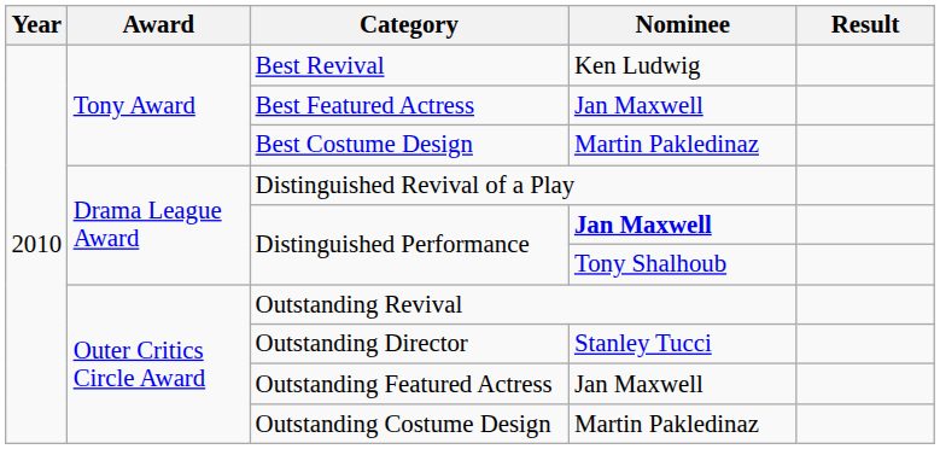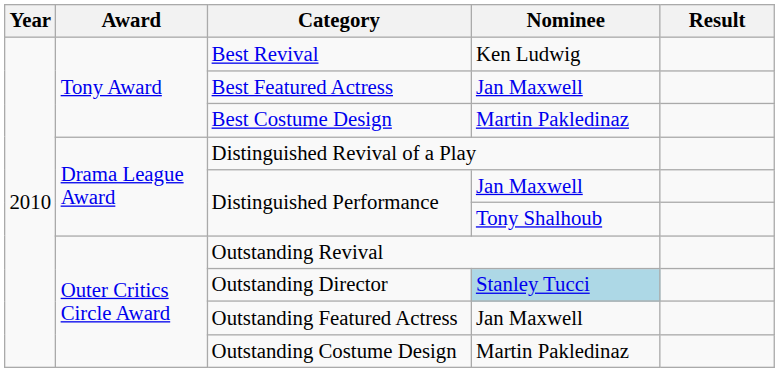 <table class="wikitable" style="width:95%;">
 <tr style="vertical-align:bottom;">
 <th style="width:5%;">Year</th>
 <th style="width:20%;">Award</th>
 <th style="width:35%;">Category</th>
 <th style="width:25%;">Nominee</th>
 <th style="width:15%;">Result</th>
 </tr>
 <tr>
 <td rowspan="10" style="text-align:center;">2010</td>
 <td rowspan="3"><a href='#'>Tony Award</a></td>
 <td><a href='#'>Best Revival</a></td>
 <td>Ken Ludwig</td>
 <td></td>
 </tr>
 <tr>
 <td><a href='#'>Best Featured Actress</a></td>
 <td><a href='#'>Jan Maxwell</a></td>
 <td></td>
 </tr>
 <tr>
 <td><a href='#'>Best Costume Design</a></td>
 <td><a href='#'>Martin Pakledinaz</a></td>
 <td></td>
 </tr>
 <tr>
 <td rowspan="3"><a href='#'>Drama League Award</a></td>
 <td colspan="2">Distinguished Revival of a Play</td>
 <td></td>
 </tr>
 <tr>
 <td rowspan="2">Distinguished Performance</td>
-<td><strong><a href='#'>Jan Maxwell</a></strong></td>
+<td><a href='#'>Jan Maxwell</a></td>
 <td></td>
 </tr>
 <tr>
 <td><a href='#'>Tony Shalhoub</a></td>
 <td></td>
 </tr>
 <tr>
 <td rowspan="4"><a href='#'>Outer Critics Circle Award</a></td>
 <td colspan="2">Outstanding Revival</td>
 <td></td>
 </tr>
 <tr>
 <td>Outstanding Director</td>
-<td><a href='#'>Stanley Tucci</a></td>
+<td style="background: lightblue;"><a href='#'>Stanley Tucci</a></td>
 <td></td>
 </tr>
 <tr>
 <td>Outstanding Featured Actress</td>
 <td>Jan Maxwell</td>
 <td></td>
 </tr>
 <tr>
 <td>Outstanding Costume Design</td>
 <td>Martin Pakledinaz</td>
 <td></td>
 </tr>
 </table>
